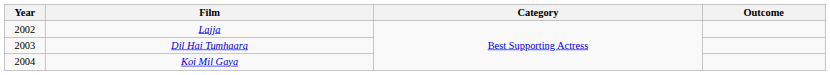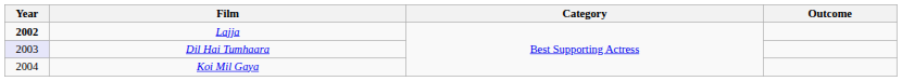 <table class="wikitable" style="width:100%;">
 <tr>
 <th width=5%>Year</th>
 <th style="width:40%;">Film</th>
 <th style="width:40%;">Category</th>
 <th style="width:15%;">Outcome</th>
 </tr>
 <tr>
-<td style="text-align:center;">2002</td>
+<td style="text-align:center;"><strong>2002</strong></td>
 <td style="text-align:center;"><em><a href='#'>Lajja</a></em></td>
 <td style="text-align:center;" rowspan="3"><a href='#'>Best Supporting Actress</a></td>
 <td></td>
 </tr>
 <tr>
-<td style="text-align:center;">2003</td>
+<td style="background: lavender; text-align:center;">2003</td>
 <td style="text-align:center;"><em><a href='#'>Dil Hai Tumhaara</a></em></td>
 <td></td>
 </tr>
 <tr>
 <td style="text-align:center;">2004</td>
 <td style="text-align:center;"><em><a href='#'>Koi Mil Gaya</a></em></td>
 <td></td>
 </tr>
 </table>
